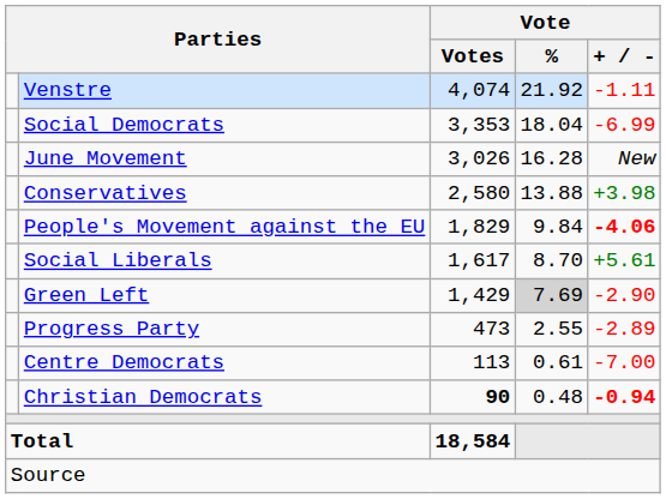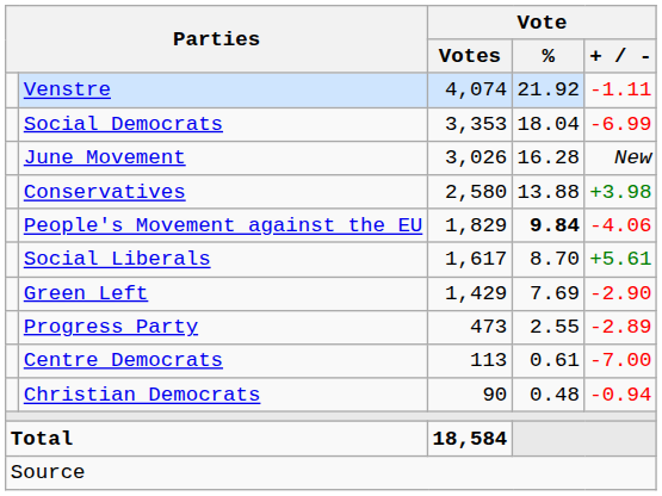 <table class="wikitable" style="text-align:right;">
 <tr>
 <th style="text-align:centre;" rowspan="2" colspan="2" width="225">Parties</th>
 <th colspan="3">Vote</th>
 </tr>
 <tr>
 <th width="15">Votes</th>
 <th width="15">%</th>
 <th width="15">+ / -</th>
 </tr>
 <tr>
 <td width="2" style="color:inherit;background:"></td>
 <td bgcolor=#cfe5fe   align="left"><a href='#'>Venstre</a></td>
 <td bgcolor=#cfe5fe>4,074</td>
 <td bgcolor=#cfe5fe>21.92</td>
 <td style=color:red;>-1.11</td>
 </tr>
 <tr>
 <td width="2" style="color:inherit;background:"></td>
 <td align="left"><a href='#'>Social Democrats</a></td>
 <td>3,353</td>
 <td>18.04</td>
 <td style=color:red;>-6.99</td>
 </tr>
 <tr>
 <td width="2" style="color:inherit;background:"></td>
 <td align="left"><a href='#'>June Movement</a></td>
 <td>3,026</td>
 <td>16.28</td>
 <td><em>New</em></td>
 </tr>
 <tr>
 <td width="2" style="color:inherit;background:"></td>
 <td align="left"><a href='#'>Conservatives</a></td>
 <td>2,580</td>
 <td>13.88</td>
 <td style=color:green;>+3.98</td>
 </tr>
 <tr>
 <td width="2" style="color:inherit;background:"></td>
 <td align="left"><a href='#'>People's Movement against the EU</a></td>
 <td>1,829</td>
-<td>9.84</td>
-<td style=color:red;><strong>-4.06</strong></td>
+<td><strong>9.84</strong></td>
+<td style=color:red;>-4.06</td>
 </tr>
 <tr>
 <td width="2" style="color:inherit;background:"></td>
 <td align="left"><a href='#'>Social Liberals</a></td>
 <td>1,617</td>
 <td>8.70</td>
 <td style=color:green;>+5.61</td>
 </tr>
 <tr>
 <td width="2" style="color:inherit;background:"></td>
 <td align="left"><a href='#'>Green Left</a></td>
 <td>1,429</td>
-<td style="background: lightgrey;">7.69</td>
+<td>7.69</td>
 <td style=color:red;>-2.90</td>
 </tr>
 <tr>
 <td width="2" style="color:inherit;background:"></td>
 <td align="left"><a href='#'>Progress Party</a></td>
 <td>473</td>
 <td>2.55</td>
 <td style=color:red;>-2.89</td>
 </tr>
 <tr>
 <td width="2" style="color:inherit;background:"></td>
 <td align="left"><a href='#'>Centre Democrats</a></td>
 <td>113</td>
 <td>0.61</td>
 <td style=color:red;>-7.00</td>
 </tr>
 <tr>
 <td width="2" style="color:inherit;background:"></td>
 <td align="left"><a href='#'>Christian Democrats</a></td>
-<td><strong>90</strong></td>
+<td>90</td>
 <td>0.48</td>
-<td style=color:red;><strong>-0.94</strong></td>
+<td style=color:red;>-0.94</td>
 </tr>
 <tr>
 <td colspan="7" bgcolor="#E9E9E9"></td>
 </tr>
 <tr>
 <td align="left" colspan="2"><strong>Total</strong></td>
 <td><strong>18,584</strong></td>
 <td bgcolor="#E9E9E9" colspan="2"></td>
 </tr>
 <tr>
 <td align="left" colspan="6">Source</td>
 </tr>
 </table>
